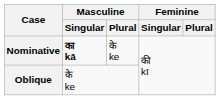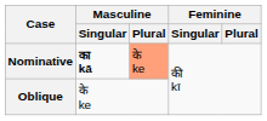 <table class="wikitable">
 <tr>
 <th rowspan="2">Case</th>
 <th colspan="2">Masculine</th>
 <th colspan="2">Feminine</th>
 </tr>
 <tr>
 <th>Singular</th>
 <th>Plural</th>
 <th>Singular</th>
 <th>Plural</th>
 </tr>
 <tr>
 <th>Nominative</th>
 <td><strong>का<br>kā</strong></td>
-<td>के<br>ke</td>
+<td style="background: lightsalmon;">के<br>ke</td>
 <td colspan="2" rowspan="2">की<br>kī</td>
 </tr>
 <tr>
 <th>Oblique</th>
 <td colspan="2">के<br>ke</td>
 </tr>
 </table>
